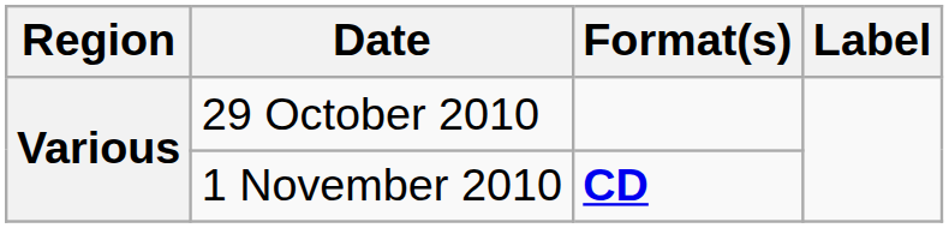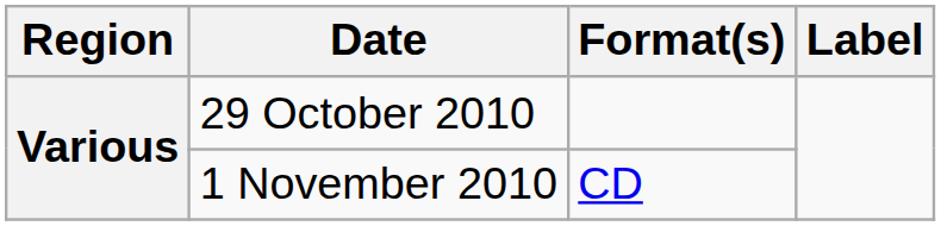 <table class="wikitable plainrowheaders">
 <tr>
 <th scope="col">Region</th>
 <th scope="col">Date</th>
 <th scope="col">Format(s)</th>
 <th scope="col">Label</th>
 </tr>
 <tr>
 <th scope="row" rowspan="2">Various</th>
 <td>29 October 2010</td>
 <td></td>
 <td rowspan="2"></td>
 </tr>
 <tr>
 <td>1 November 2010</td>
-<td><strong><a href='#'>CD</a></strong></td>
+<td><a href='#'>CD</a></td>
 </tr>
 </table>
